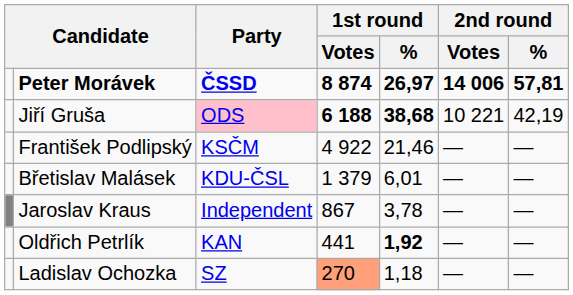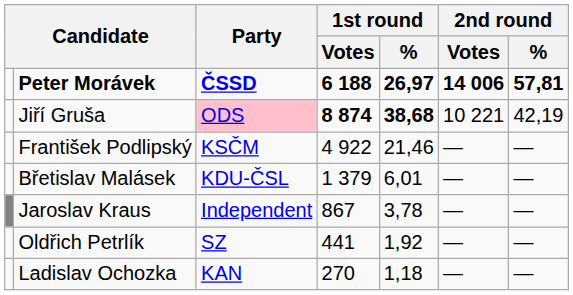 <table class="wikitable sortable">
 <tr>
 <th colspan="2" rowspan="2">Candidate</th>
 <th rowspan="2">Party</th>
 <th colspan="2">1st round</th>
 <th colspan="2">2nd round</th>
 </tr>
 <tr>
 <th>Votes</th>
 <th>%</th>
 <th>Votes</th>
 <th>%</th>
 </tr>
 <tr>
 <td style="background-color:"></td>
 <td><strong>Peter Morávek</strong></td>
 <td><strong><a href='#'>ČSSD</a></strong></td>
-<td><strong>8 874</strong></td>
+<td><strong>6 188</strong></td>
 <td><strong>26,97</strong></td>
 <td><strong>14 006</strong></td>
 <td><strong>57,81</strong></td>
 </tr>
 <tr>
 <td style="background-color:"></td>
 <td>Jiří Gruša</td>
 <td style="background: pink;"><a href='#'>ODS</a></td>
-<td><strong>6 188</strong></td>
+<td><strong>8 874</strong></td>
 <td><strong>38,68</strong></td>
 <td>10 221</td>
 <td>42,19</td>
 </tr>
 <tr>
 <td style="background-color:"></td>
 <td>František Podlipský</td>
 <td><a href='#'>KSČM</a></td>
 <td>4 922</td>
 <td>21,46</td>
 <td>—</td>
 <td>—</td>
 </tr>
 <tr>
 <td style="background-color:"></td>
 <td>Břetislav Malásek</td>
 <td><a href='#'>KDU-ČSL</a></td>
 <td>1 379</td>
 <td>6,01</td>
 <td>—</td>
 <td>—</td>
 </tr>
 <tr>
 <td style="background-color:gray"></td>
 <td>Jaroslav Kraus</td>
 <td><a href='#'>Independent</a></td>
 <td>867</td>
 <td>3,78</td>
 <td>—</td>
 <td>—</td>
 </tr>
 <tr>
 <td style="background-color:"></td>
 <td>Oldřich Petrlík</td>
-<td><a href='#'>KAN</a></td>
+<td><a href='#'>SZ</a></td>
 <td>441</td>
-<td><strong>1,92</strong></td>
+<td>1,92</td>
 <td>—</td>
 <td>—</td>
 </tr>
 <tr>
 <td style="background-color:"></td>
 <td>Ladislav Ochozka</td>
-<td><a href='#'>SZ</a></td>
-<td style="background: lightsalmon;">270</td>
+<td><a href='#'>KAN</a></td>
+<td>270</td>
 <td>1,18</td>
 <td>—</td>
 <td>—</td>
 </tr>
 </table>
